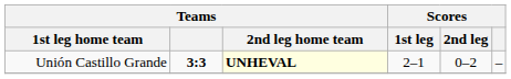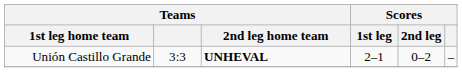 <table class="wikitable" style="text-align: center;">
 <tr>
 <th colspan=3>Teams</th>
 <th colspan=3>Scores</th>
 </tr>
 <tr>
 <th width="175">1st leg home team</th>
 <th width="50"></th>
 <th width="175">2nd leg home team</th>
 <th width="50">1st leg</th>
 <th width="50">2nd leg</th>
 <th></th>
 </tr>
 <tr>
 <td align=right>Unión Castillo Grande</td>
-<td><strong>3:3</strong></td>
-<td align=left style="background: lightyellow;"><strong>UNHEVAL</strong></td>
+<td>3:3</td>
+<td align=left><strong>UNHEVAL</strong></td>
 <td>2–1</td>
 <td>0–2</td>
 <td>–</td>
 </tr>
 <tr>
 </tr>
 </table>
